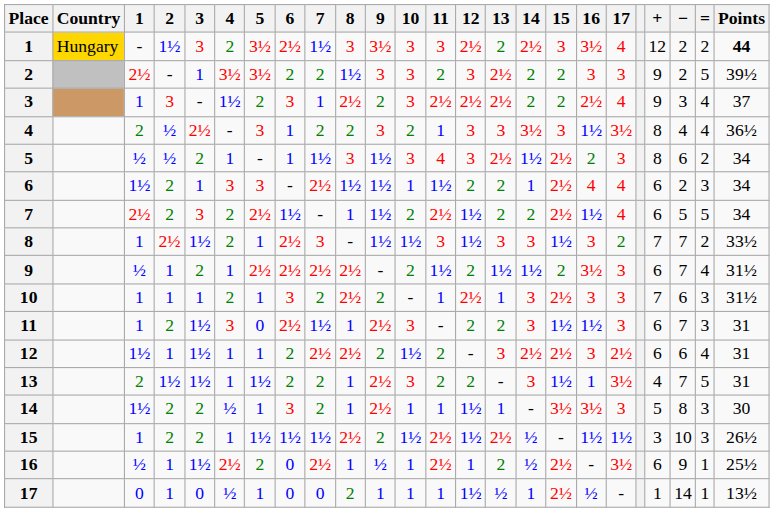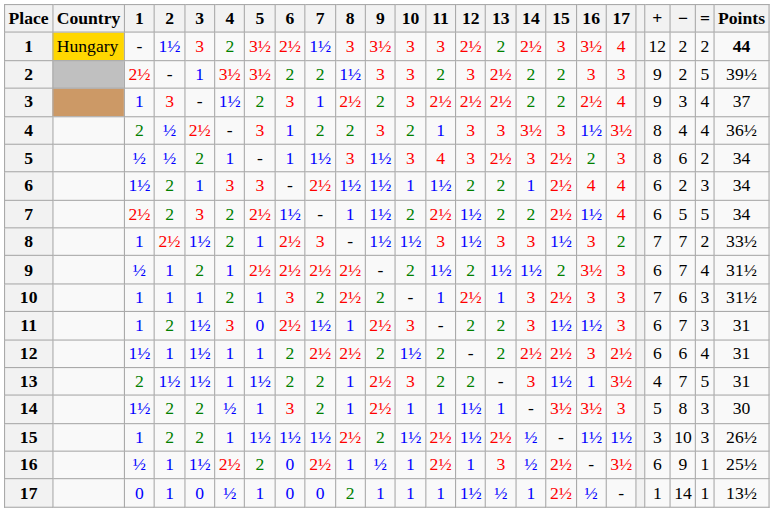 <table class="wikitable" style="text-align:center">
 <tr>
 <th>Place</th>
 <th>Country</th>
 <th>1</th>
 <th>2</th>
 <th>3</th>
 <th>4</th>
 <th>5</th>
 <th>6</th>
 <th>7</th>
 <th>8</th>
 <th>9</th>
 <th>10</th>
 <th>11</th>
 <th>12</th>
 <th>13</th>
 <th>14</th>
 <th>15</th>
 <th>16</th>
 <th>17</th>
 <th></th>
 <th>+</th>
 <th>−</th>
 <th>=</th>
 <th>Points</th>
 </tr>
 <tr>
 <th>1</th>
 <td align=left bgcolor="gold"> Hungary</td>
 <td>-</td>
 <td style="color: blue;">1½</td>
 <td style="color: red;">3</td>
 <td style="color: green">2</td>
 <td style="color: red;">3½</td>
 <td style="color: red;">2½</td>
 <td style="color: blue;">1½</td>
 <td style="color: red;">3</td>
 <td style="color: red;">3½</td>
 <td style="color: red;">3</td>
 <td style="color: red;">3</td>
 <td style="color: red;">2½</td>
 <td style="color: green">2</td>
 <td style="color: red;">2½</td>
 <td style="color: red;">3</td>
 <td style="color: red;">3½</td>
 <td style="color: red;">4</td>
 <th></th>
 <td>12</td>
 <td>2</td>
 <td>2</td>
 <td><strong>44</strong></td>
 </tr>
 <tr>
 <th>2</th>
 <td align=left bgcolor="silver"></td>
 <td style="color: red;">2½</td>
 <td>-</td>
 <td style="color: blue;">1</td>
 <td style="color: red;">3½</td>
 <td style="color: red;">3½</td>
 <td style="color: green">2</td>
 <td style="color: green">2</td>
 <td style="color: blue;">1½</td>
 <td style="color: red;">3</td>
 <td style="color: red;">3</td>
 <td style="color: green">2</td>
 <td style="color: red;">3</td>
 <td style="color: red;">2½</td>
 <td style="color: green">2</td>
 <td style="color: green">2</td>
 <td style="color: red;">3</td>
 <td style="color: red;">3</td>
 <th></th>
 <td>9</td>
 <td>2</td>
 <td>5</td>
 <td>39½</td>
 </tr>
 <tr>
 <th>3</th>
 <td align=left bgcolor="CC9966"></td>
 <td style="color: blue;">1</td>
 <td style="color: red;">3</td>
 <td>-</td>
 <td style="color: blue;">1½</td>
 <td style="color: green">2</td>
 <td style="color: red;">3</td>
 <td style="color: blue;">1</td>
 <td style="color: red;">2½</td>
 <td style="color: green">2</td>
 <td style="color: red;">3</td>
 <td style="color: red;">2½</td>
 <td style="color: red;">2½</td>
 <td style="color: red;">2½</td>
 <td style="color: green">2</td>
 <td style="color: green">2</td>
 <td style="color: red;">2½</td>
 <td style="color: red;">4</td>
 <th></th>
 <td>9</td>
 <td>3</td>
 <td>4</td>
 <td>37</td>
 </tr>
 <tr>
 <th>4</th>
 <td align=left></td>
 <td style="color: green">2</td>
 <td style="color: blue;">½</td>
 <td style="color: red;">2½</td>
 <td>-</td>
 <td style="color: red;">3</td>
 <td style="color: blue;">1</td>
 <td style="color: green">2</td>
 <td style="color: green">2</td>
 <td style="color: red;">3</td>
 <td style="color: green">2</td>
 <td style="color: blue;">1</td>
 <td style="color: red;">3</td>
 <td style="color: red;">3</td>
 <td style="color: red;">3½</td>
 <td style="color: red;">3</td>
 <td style="color: blue;">1½</td>
 <td style="color: red;">3½</td>
 <th></th>
 <td>8</td>
 <td>4</td>
 <td>4</td>
 <td>36½</td>
 </tr>
 <tr>
 <th>5</th>
 <td align=left></td>
 <td style="color: blue;">½</td>
 <td style="color: blue;">½</td>
 <td style="color: green">2</td>
 <td style="color: blue;">1</td>
 <td>-</td>
 <td style="color: blue;">1</td>
 <td style="color: blue;">1½</td>
 <td style="color: red;">3</td>
 <td style="color: blue;">1½</td>
 <td style="color: red;">3</td>
 <td style="color: red;">4</td>
 <td style="color: red;">3</td>
 <td style="color: red;">2½</td>
-<td style="color: blue;">1½</td>
+<td style="color: red;">3</td>
 <td style="color: red;">2½</td>
 <td style="color: green">2</td>
 <td style="color: red;">3</td>
 <th></th>
 <td>8</td>
 <td>6</td>
 <td>2</td>
 <td>34</td>
 </tr>
 <tr>
 <th>6</th>
 <td align=left></td>
 <td style="color: blue;">1½</td>
 <td style="color: green">2</td>
 <td style="color: blue;">1</td>
 <td style="color: red;">3</td>
 <td style="color: red;">3</td>
 <td>-</td>
 <td style="color: red;">2½</td>
 <td style="color: blue;">1½</td>
 <td style="color: blue;">1½</td>
 <td style="color: blue;">1</td>
 <td style="color: blue;">1½</td>
 <td style="color: green">2</td>
 <td style="color: green">2</td>
 <td style="color: blue;">1</td>
 <td style="color: red;">2½</td>
 <td style="color: red;">4</td>
 <td style="color: red;">4</td>
 <th></th>
 <td>6</td>
 <td>2</td>
 <td>3</td>
 <td>34</td>
 </tr>
 <tr>
 <th>7</th>
 <td align=left></td>
 <td style="color: red;">2½</td>
 <td style="color: green">2</td>
 <td style="color: red;">3</td>
 <td style="color: green">2</td>
 <td style="color: red;">2½</td>
 <td style="color: blue;">1½</td>
 <td>-</td>
 <td style="color: blue;">1</td>
 <td style="color: blue;">1½</td>
 <td style="color: green">2</td>
 <td style="color: red;">2½</td>
 <td style="color: blue;">1½</td>
 <td style="color: green">2</td>
 <td style="color: green">2</td>
 <td style="color: red;">2½</td>
 <td style="color: blue;">1½</td>
 <td style="color: red;">4</td>
 <th></th>
 <td>6</td>
 <td>5</td>
 <td>5</td>
 <td>34</td>
 </tr>
 <tr>
 <th>8</th>
 <td align=left></td>
 <td style="color: blue;">1</td>
 <td style="color: red;">2½</td>
 <td style="color: blue;">1½</td>
 <td style="color: green">2</td>
 <td style="color: blue;">1</td>
 <td style="color: red;">2½</td>
 <td style="color: red;">3</td>
 <td>-</td>
 <td style="color: blue;">1½</td>
 <td style="color: blue;">1½</td>
 <td style="color: red;">3</td>
 <td style="color: blue;">1½</td>
 <td style="color: red;">3</td>
 <td style="color: red;">3</td>
 <td style="color: blue;">1½</td>
 <td style="color: red;">3</td>
 <td style="color: green">2</td>
 <th></th>
 <td>7</td>
 <td>7</td>
 <td>2</td>
 <td>33½</td>
 </tr>
 <tr>
 <th>9</th>
 <td align=left></td>
 <td style="color: blue;">½</td>
 <td style="color: blue;">1</td>
 <td style="color: green">2</td>
 <td style="color: blue;">1</td>
 <td style="color: red;">2½</td>
 <td style="color: red;">2½</td>
 <td style="color: red;">2½</td>
 <td style="color: red;">2½</td>
 <td>-</td>
 <td style="color: green">2</td>
 <td style="color: blue;">1½</td>
 <td style="color: green">2</td>
 <td style="color: blue;">1½</td>
 <td style="color: blue;">1½</td>
 <td style="color: green">2</td>
 <td style="color: red;">3½</td>
 <td style="color: red;">3</td>
 <th></th>
 <td>6</td>
 <td>7</td>
 <td>4</td>
 <td>31½</td>
 </tr>
 <tr>
 <th>10</th>
 <td align=left></td>
 <td style="color: blue;">1</td>
 <td style="color: blue;">1</td>
 <td style="color: blue;">1</td>
 <td style="color: green">2</td>
 <td style="color: blue;">1</td>
 <td style="color: red;">3</td>
 <td style="color: green">2</td>
 <td style="color: red;">2½</td>
 <td style="color: green">2</td>
 <td>-</td>
 <td style="color: blue;">1</td>
 <td style="color: red;">2½</td>
 <td style="color: blue;">1</td>
 <td style="color: red;">3</td>
 <td style="color: red;">2½</td>
 <td style="color: red;">3</td>
 <td style="color: red;">3</td>
 <th></th>
 <td>7</td>
 <td>6</td>
 <td>3</td>
 <td>31½</td>
 </tr>
 <tr>
 <th>11</th>
 <td align=left></td>
 <td style="color: blue;">1</td>
 <td style="color: green">2</td>
 <td style="color: blue;">1½</td>
 <td style="color: red;">3</td>
 <td style="color: blue;">0</td>
 <td style="color: red;">2½</td>
 <td style="color: blue;">1½</td>
 <td style="color: blue;">1</td>
 <td style="color: red;">2½</td>
 <td style="color: red;">3</td>
 <td>-</td>
 <td style="color: green">2</td>
 <td style="color: green">2</td>
 <td style="color: red;">3</td>
 <td style="color: blue;">1½</td>
 <td style="color: blue;">1½</td>
 <td style="color: red;">3</td>
 <th></th>
 <td>6</td>
 <td>7</td>
 <td>3</td>
 <td>31</td>
 </tr>
 <tr>
 <th>12</th>
 <td align=left></td>
 <td style="color: blue;">1½</td>
 <td style="color: blue;">1</td>
 <td style="color: blue;">1½</td>
 <td style="color: blue;">1</td>
 <td style="color: blue;">1</td>
 <td style="color: green">2</td>
 <td style="color: red;">2½</td>
 <td style="color: red;">2½</td>
 <td style="color: green">2</td>
 <td style="color: blue;">1½</td>
 <td style="color: green">2</td>
 <td>-</td>
-<td style="color: red;">3</td>
+<td style="color: green">2</td>
 <td style="color: red;">2½</td>
 <td style="color: red;">2½</td>
 <td style="color: red;">3</td>
 <td style="color: red;">2½</td>
 <th></th>
 <td>6</td>
 <td>6</td>
 <td>4</td>
 <td>31</td>
 </tr>
 <tr>
 <th>13</th>
 <td align=left></td>
 <td style="color: green">2</td>
 <td style="color: blue;">1½</td>
 <td style="color: blue;">1½</td>
 <td style="color: blue;">1</td>
 <td style="color: blue;">1½</td>
 <td style="color: green">2</td>
 <td style="color: green">2</td>
 <td style="color: blue;">1</td>
 <td style="color: red;">2½</td>
 <td style="color: red;">3</td>
 <td style="color: green">2</td>
 <td style="color: green">2</td>
 <td>-</td>
 <td style="color: red;">3</td>
 <td style="color: blue;">1½</td>
 <td style="color: blue;">1</td>
 <td style="color: red;">3½</td>
 <th></th>
 <td>4</td>
 <td>7</td>
 <td>5</td>
 <td>31</td>
 </tr>
 <tr>
 <th>14</th>
 <td align=left></td>
 <td style="color: blue;">1½</td>
 <td style="color: green">2</td>
 <td style="color: green">2</td>
 <td style="color: blue;">½</td>
 <td style="color: blue;">1</td>
 <td style="color: red;">3</td>
 <td style="color: green">2</td>
 <td style="color: blue;">1</td>
 <td style="color: red;">2½</td>
 <td style="color: blue;">1</td>
 <td style="color: blue;">1</td>
 <td style="color: blue;">1½</td>
 <td style="color: blue;">1</td>
 <td>-</td>
 <td style="color: red;">3½</td>
 <td style="color: red;">3½</td>
 <td style="color: red;">3</td>
 <th></th>
 <td>5</td>
 <td>8</td>
 <td>3</td>
 <td>30</td>
 </tr>
 <tr>
 <th>15</th>
 <td align=left></td>
 <td style="color: blue;">1</td>
 <td style="color: green">2</td>
 <td style="color: green">2</td>
 <td style="color: blue;">1</td>
 <td style="color: blue;">1½</td>
 <td style="color: blue;">1½</td>
 <td style="color: blue;">1½</td>
 <td style="color: red;">2½</td>
 <td style="color: green">2</td>
 <td style="color: blue;">1½</td>
 <td style="color: red;">2½</td>
 <td style="color: blue;">1½</td>
 <td style="color: red;">2½</td>
 <td style="color: blue;">½</td>
 <td>-</td>
 <td style="color: blue;">1½</td>
 <td style="color: blue;">1½</td>
 <th></th>
 <td>3</td>
 <td>10</td>
 <td>3</td>
 <td>26½</td>
 </tr>
 <tr>
 <th>16</th>
 <td align=left></td>
 <td style="color: blue;">½</td>
 <td style="color: blue;">1</td>
 <td style="color: blue;">1½</td>
 <td style="color: red;">2½</td>
 <td style="color: green">2</td>
 <td style="color: blue;">0</td>
 <td style="color: red;">2½</td>
 <td style="color: blue;">1</td>
 <td style="color: blue;">½</td>
 <td style="color: blue;">1</td>
 <td style="color: red;">2½</td>
 <td style="color: blue;">1</td>
-<td style="color: green">2</td>
+<td style="color: red;">3</td>
 <td style="color: blue;">½</td>
 <td style="color: red;">2½</td>
 <td>-</td>
 <td style="color: red;">3½</td>
 <th></th>
 <td>6</td>
 <td>9</td>
 <td>1</td>
 <td>25½</td>
 </tr>
 <tr>
 <th>17</th>
 <td align=left></td>
 <td style="color: blue;">0</td>
 <td style="color: blue;">1</td>
 <td style="color: blue;">0</td>
 <td style="color: blue;">½</td>
 <td style="color: blue;">1</td>
 <td style="color: blue;">0</td>
 <td style="color: blue;">0</td>
 <td style="color: green">2</td>
 <td style="color: blue;">1</td>
 <td style="color: blue;">1</td>
 <td style="color: blue;">1</td>
 <td style="color: blue;">1½</td>
 <td style="color: blue;">½</td>
 <td style="color: blue;">1</td>
 <td style="color: red;">2½</td>
 <td style="color: blue;">½</td>
 <td>-</td>
 <th></th>
 <td>1</td>
 <td>14</td>
 <td>1</td>
 <td>13½</td>
 </tr>
 </table>
